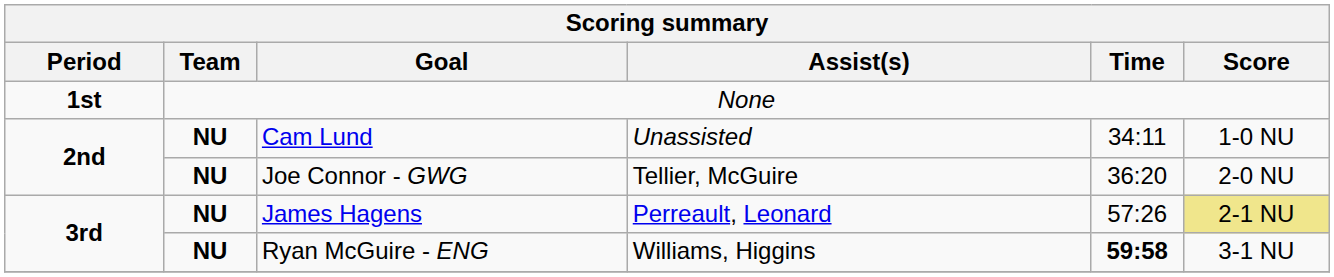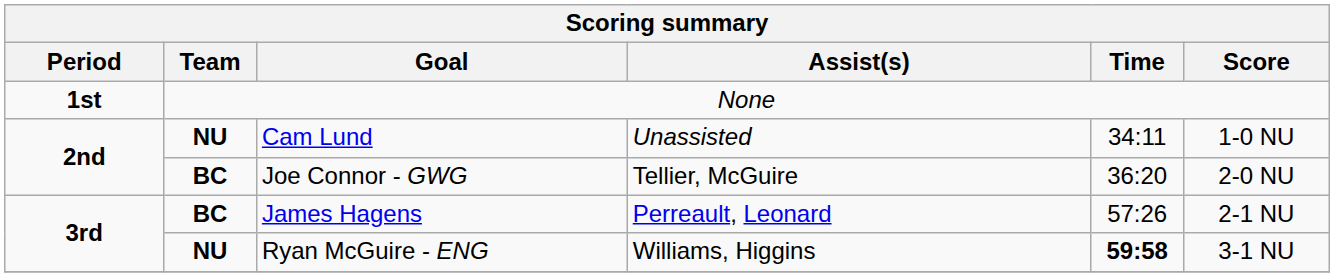 <table style="width:100%;" class="wikitable">
 <tr>
 <th colspan=6>Scoring summary</th>
 </tr>
 <tr>
 <th style="width:12%;">Period</th>
 <th style="width:7%;">Team</th>
 <th style="width:28%;">Goal</th>
 <th style="width:35%;">Assist(s)</th>
 <th style="width:7%;">Time</th>
 <th style="width:11%;">Score</th>
 </tr>
 <tr>
 <td style="text-align:center;" rowspan="1"><strong>1st</strong></td>
 <td style="text-align:center;" colspan="5"><em>None</em></td>
 </tr>
 <tr>
 <td style="text-align:center;" rowspan="2"><strong>2nd</strong></td>
 <td align=center><strong>NU</strong></td>
 <td><a href='#'>Cam Lund</a></td>
 <td><em>Unassisted</em></td>
 <td align=center>34:11</td>
 <td align=center>1-0 NU</td>
 </tr>
 <tr>
-<td align=center><strong>NU</strong></td>
+<td align=center><strong>BC</strong></td>
 <td>Joe Connor - <em>GWG</em></td>
 <td>Tellier, McGuire</td>
 <td align=center>36:20</td>
 <td align=center>2-0 NU</td>
 </tr>
 <tr>
 <td style="text-align:center;" rowspan="2"><strong>3rd</strong></td>
-<td align=center><strong>NU</strong></td>
+<td align=center><strong>BC</strong></td>
 <td><a href='#'>James Hagens</a></td>
 <td><a href='#'>Perreault</a>, <a href='#'>Leonard</a></td>
 <td align=center>57:26</td>
-<td align=center style="background: khaki;">2-1 NU</td>
+<td align=center>2-1 NU</td>
 </tr>
 <tr>
 <td align=center><strong>NU</strong></td>
 <td>Ryan McGuire - <em>ENG</em></td>
 <td>Williams, Higgins</td>
 <td align=center><strong>59:58</strong></td>
 <td align=center>3-1 NU</td>
 </tr>
 <tr>
 </tr>
 </table>
